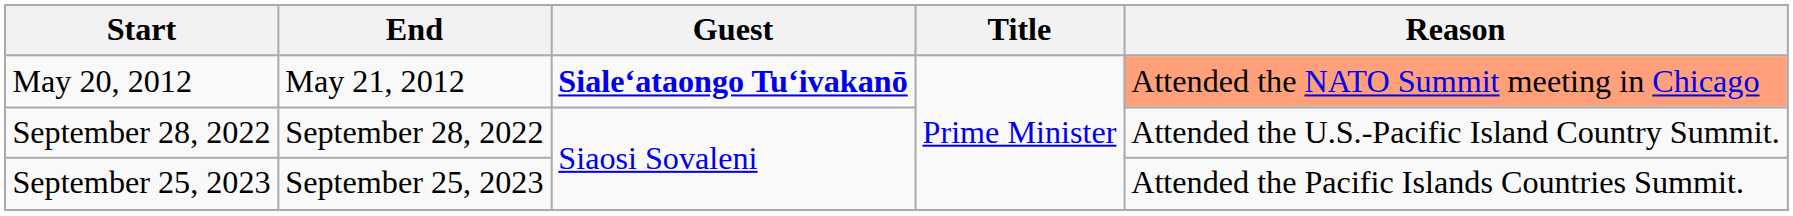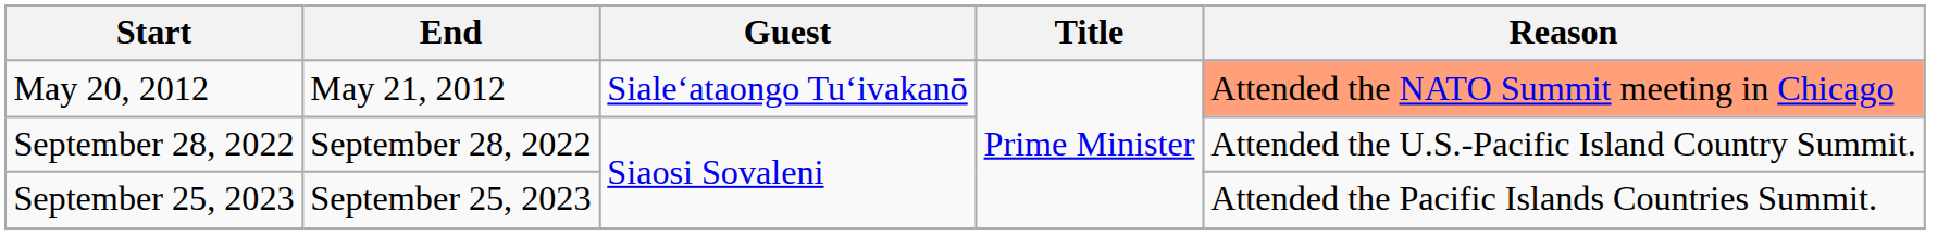 <table class="wikitable sortable">
 <tr>
 <th>Start</th>
 <th>End</th>
 <th>Guest</th>
 <th>Title</th>
 <th>Reason</th>
 </tr>
 <tr>
 <td>May 20, 2012</td>
 <td>May 21, 2012</td>
-<td><strong><a href='#'>Sialeʻataongo Tuʻivakanō</a></strong></td>
+<td><a href='#'>Sialeʻataongo Tuʻivakanō</a></td>
 <td rowspan=3><a href='#'>Prime Minister</a></td>
 <td style="background: lightsalmon;">Attended the <a href='#'>NATO Summit</a> meeting in <a href='#'>Chicago</a></td>
 </tr>
 <tr>
 <td>September 28, 2022</td>
 <td>September 28, 2022</td>
 <td rowspan=2><a href='#'>Siaosi Sovaleni</a></td>
 <td>Attended the U.S.-Pacific Island Country Summit.</td>
 </tr>
 <tr>
 <td>September 25, 2023</td>
 <td>September 25, 2023</td>
 <td>Attended the Pacific Islands Countries Summit.</td>
 </tr>
 </table>
